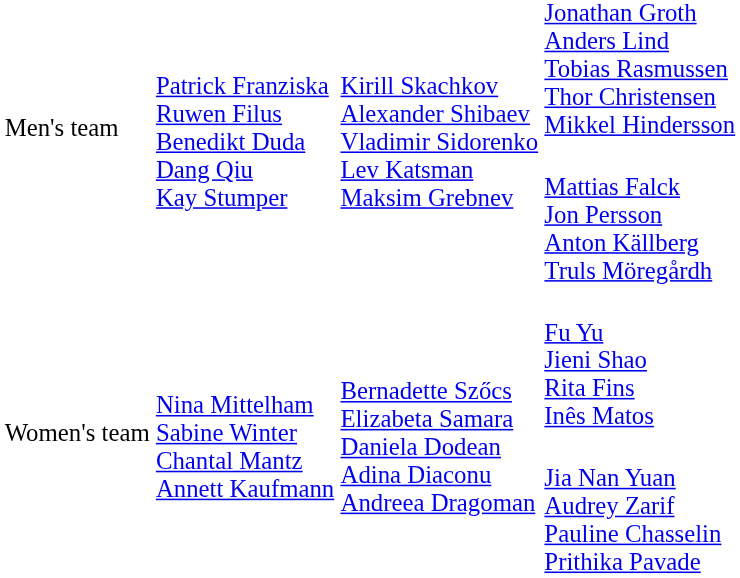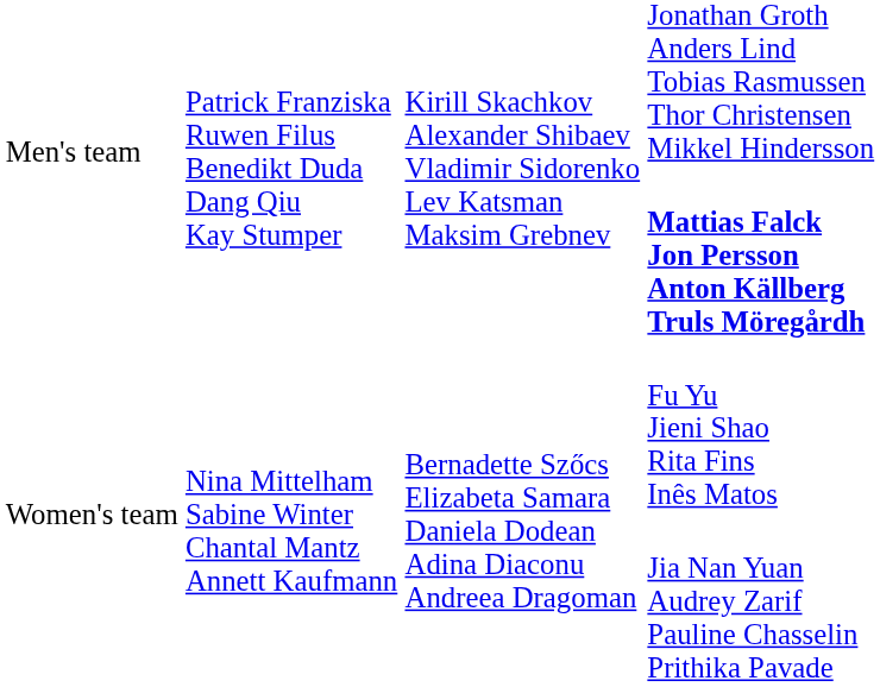 <table>
 <tr>
 <td rowspan=2>Men's team</td>
 <td rowspan=2><br><a href='#'>Patrick Franziska</a><br><a href='#'>Ruwen Filus</a><br><a href='#'>Benedikt Duda</a><br><a href='#'>Dang Qiu</a><br><a href='#'>Kay Stumper</a></td>
 <td rowspan=2><br><a href='#'>Kirill Skachkov</a><br><a href='#'>Alexander Shibaev</a><br><a href='#'>Vladimir Sidorenko</a><br><a href='#'>Lev Katsman</a><br><a href='#'>Maksim Grebnev</a></td>
 <td><br><a href='#'>Jonathan Groth</a><br><a href='#'>Anders Lind</a><br><a href='#'>Tobias Rasmussen</a><br><a href='#'>Thor Christensen</a><br><a href='#'>Mikkel Hindersson</a></td>
 </tr>
 <tr>
-<td><br><a href='#'>Mattias Falck</a><br><a href='#'>Jon Persson</a><br><a href='#'>Anton Källberg</a><br><a href='#'>Truls Möregårdh</a></td>
+<td><strong><br><a href='#'>Mattias Falck</a><br><a href='#'>Jon Persson</a><br><a href='#'>Anton Källberg</a><br><a href='#'>Truls Möregårdh</a></strong></td>
 </tr>
 <tr>
 <td rowspan=2>Women's team</td>
 <td rowspan=2><br><a href='#'>Nina Mittelham</a><br><a href='#'>Sabine Winter</a><br><a href='#'>Chantal Mantz</a><br><a href='#'>Annett Kaufmann</a></td>
 <td rowspan=2><br><a href='#'>Bernadette Szőcs</a><br><a href='#'>Elizabeta Samara</a><br><a href='#'>Daniela Dodean</a><br><a href='#'>Adina Diaconu</a><br><a href='#'>Andreea Dragoman</a></td>
 <td><br><a href='#'>Fu Yu</a><br><a href='#'>Jieni Shao</a><br><a href='#'>Rita Fins</a><br><a href='#'>Inês Matos</a></td>
 </tr>
 <tr>
 <td><br><a href='#'>Jia Nan Yuan</a><br><a href='#'>Audrey Zarif</a><br><a href='#'>Pauline Chasselin</a><br><a href='#'>Prithika Pavade</a></td>
 </tr>
 </table>
